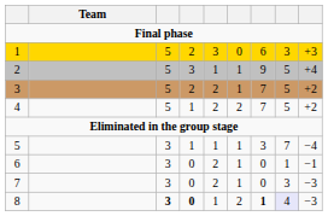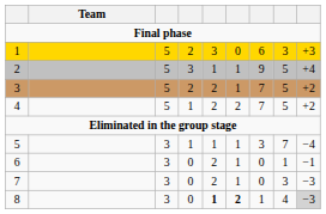 <table class="wikitable" style="text-align:center">
 <tr>
 <th width="25"></th>
 <th width="165">Team</th>
 <th width="25"></th>
 <th width="25"></th>
 <th width="25"></th>
 <th width="25"></th>
 <th width="25"></th>
 <th width="25"></th>
 <th width="25"></th>
 </tr>
 <tr>
 <td colspan=10><strong>Final phase</strong></td>
 </tr>
 <tr style="background:#FFD700;">
 <td>1</td>
 <td align=left><strong></strong></td>
 <td>5</td>
 <td>2</td>
 <td>3</td>
 <td>0</td>
 <td>6</td>
 <td>3</td>
 <td>+3</td>
 </tr>
 <tr style="background:#C0C0C0;">
 <td>2</td>
 <td align=left><strong></strong></td>
 <td>5</td>
 <td>3</td>
 <td>1</td>
 <td>1</td>
 <td>9</td>
 <td>5</td>
 <td>+4</td>
 </tr>
 <tr style="background:#cc9966;">
 <td>3</td>
 <td align=left><strong></strong></td>
 <td>5</td>
 <td>2</td>
 <td>2</td>
 <td>1</td>
 <td>7</td>
 <td>5</td>
 <td>+2</td>
 </tr>
 <tr>
 <td>4</td>
 <td align=left></td>
 <td>5</td>
 <td>1</td>
 <td>2</td>
 <td>2</td>
 <td>7</td>
 <td>5</td>
 <td>+2</td>
 </tr>
 <tr>
 <td colspan=10><strong>Eliminated in the group stage</strong></td>
 </tr>
 <tr>
 <td>5</td>
 <td align=left></td>
 <td>3</td>
 <td>1</td>
 <td>1</td>
 <td>1</td>
 <td>3</td>
 <td>7</td>
 <td>−4</td>
 </tr>
 <tr>
 <td>6</td>
 <td align=left></td>
 <td>3</td>
 <td>0</td>
 <td>2</td>
 <td>1</td>
 <td>0</td>
 <td>1</td>
 <td>−1</td>
 </tr>
 <tr>
 <td>7</td>
 <td align=left></td>
 <td>3</td>
 <td>0</td>
 <td>2</td>
 <td>1</td>
 <td>0</td>
 <td>3</td>
 <td>−3</td>
 </tr>
 <tr>
 <td>8</td>
 <td align=left></td>
-<td><strong>3</strong></td>
-<td><strong>0</strong></td>
+<td>3</td>
+<td>0</td>
+<td><strong>1</strong></td>
+<td><strong>2</strong></td>
 <td>1</td>
-<td>2</td>
-<td><strong>1</strong></td>
-<td style="background: lavender;">4</td>
-<td>−3</td>
+<td>4</td>
+<td style="background: lightgrey;">−3</td>
 </tr>
 </table>
